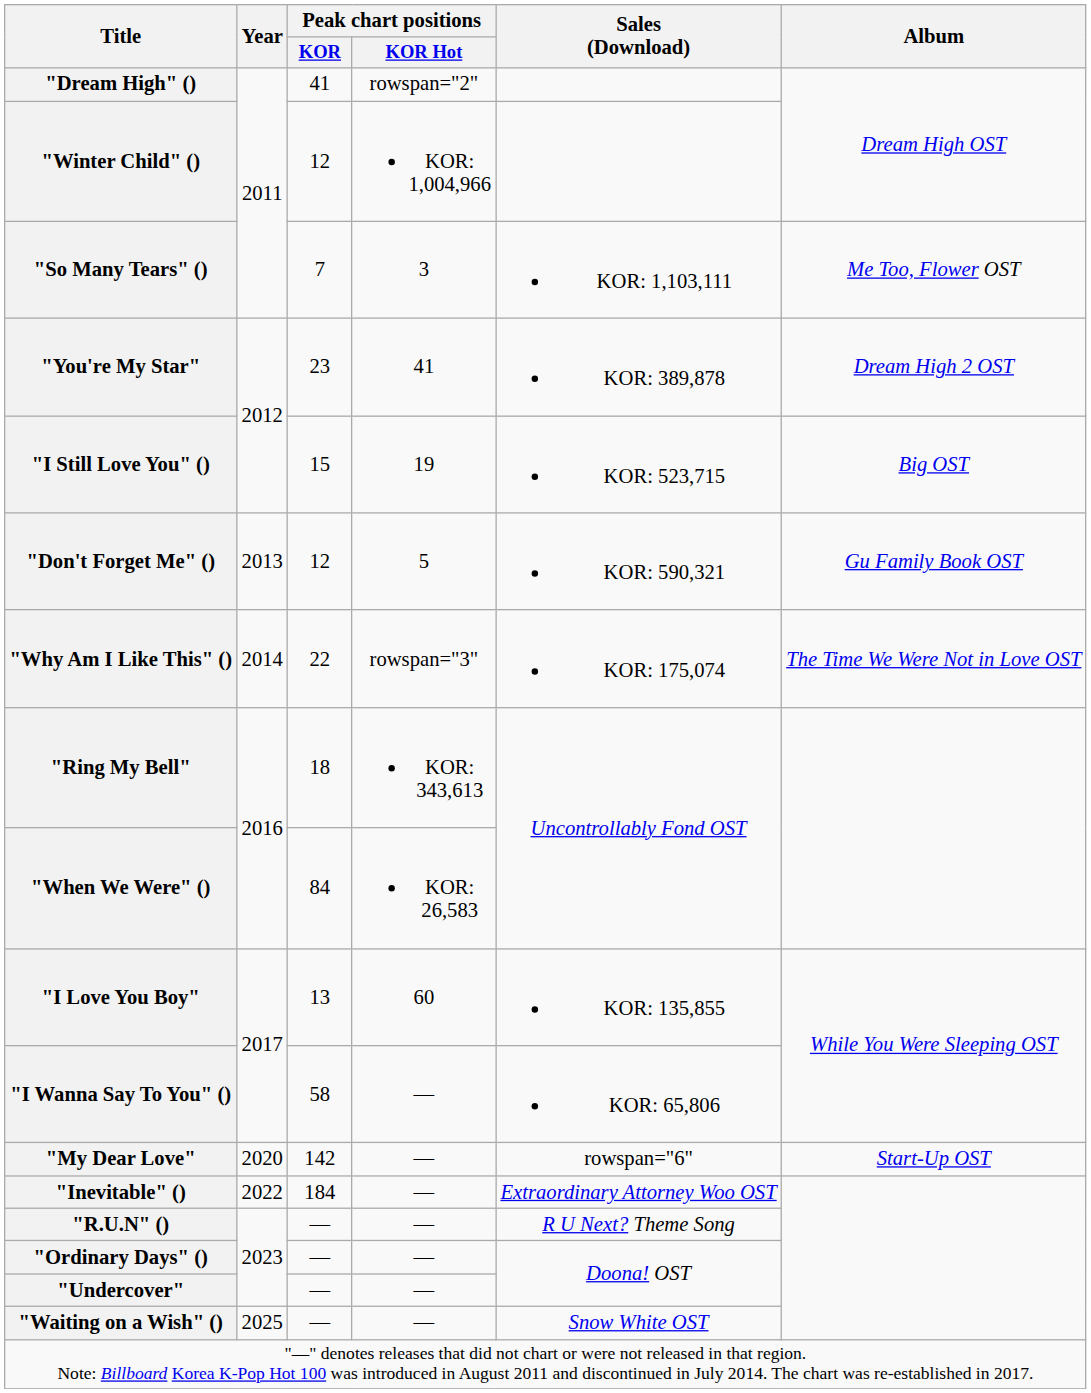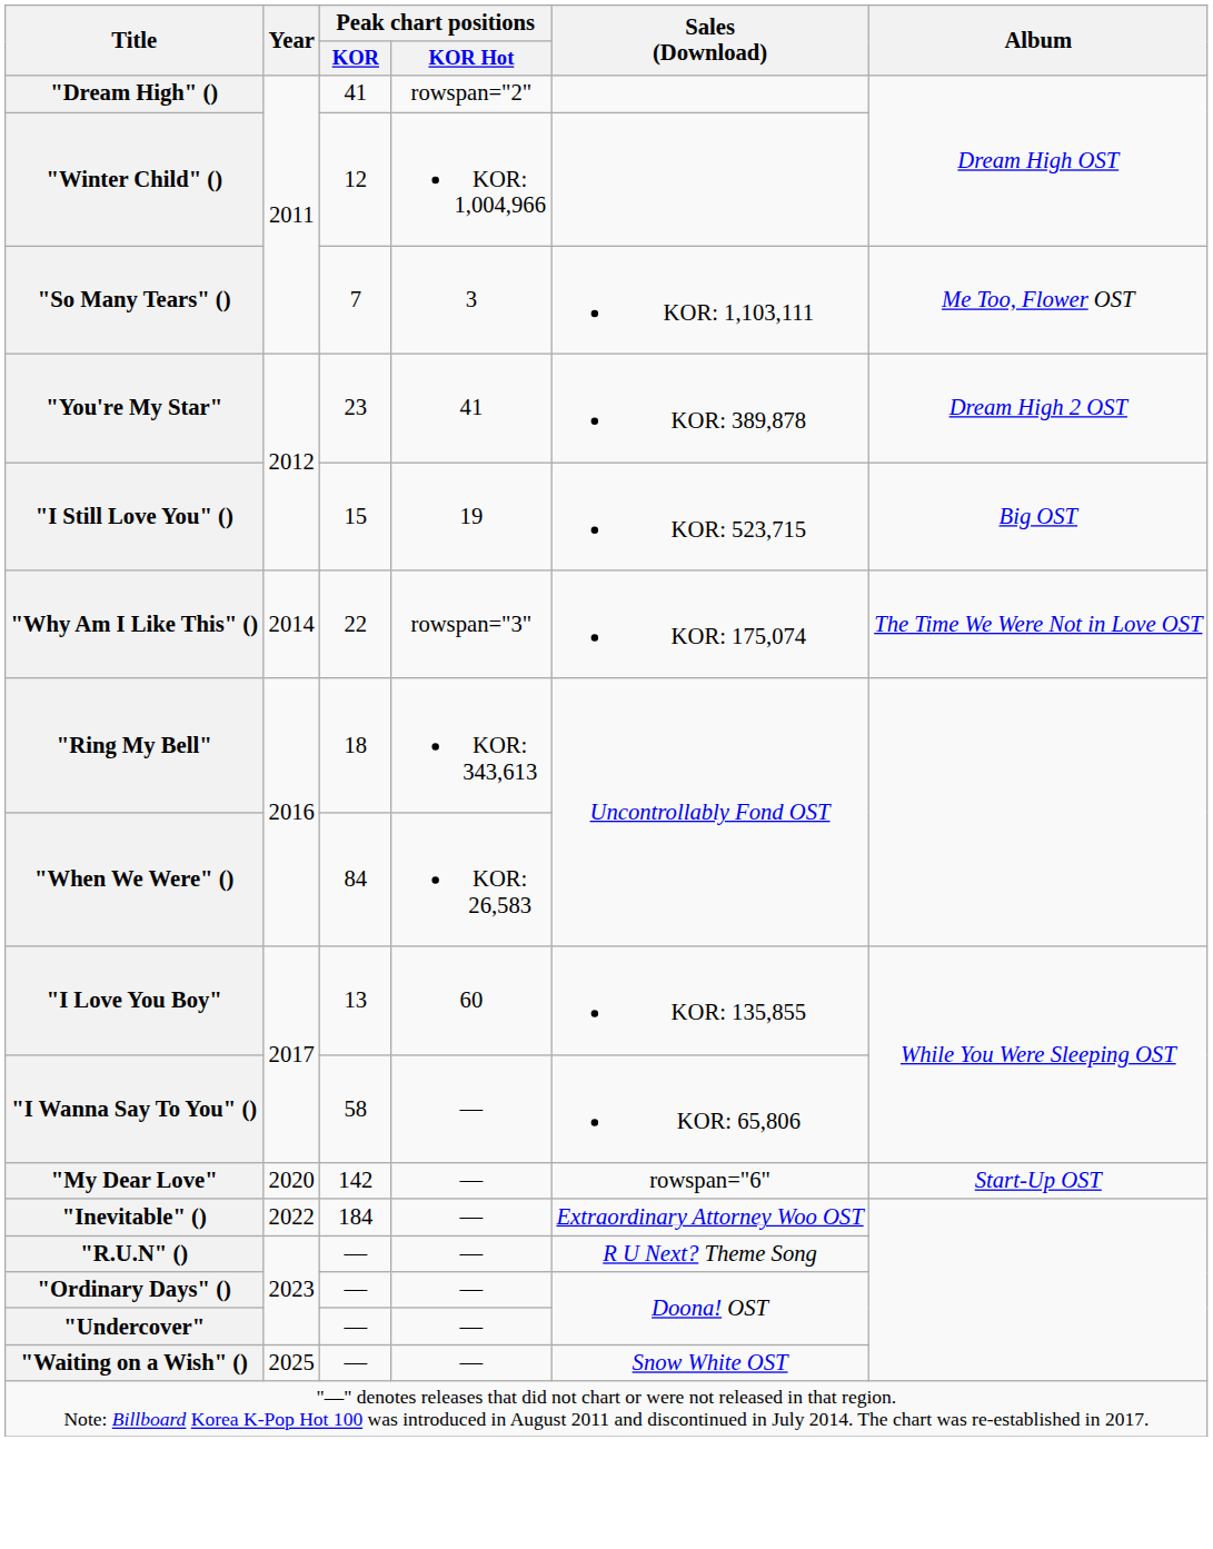 <table class="wikitable plainrowheaders" style="text-align:center;">
 <tr>
 <th scope="col" rowspan="2">Title</th>
 <th scope="col" rowspan="2">Year</th>
 <th scope="col" colspan="2">Peak chart positions</th>
 <th scope="col" rowspan="2">Sales<br>(Download)</th>
 <th scope="col" rowspan="2">Album</th>
 </tr>
 <tr>
 <th scope="col" style="width:3em;font-size:90%;"><a href='#'>KOR</a><br></th>
 <th scope="col" style="width:3em;font-size:90%;"><a href='#'>KOR Hot</a><br></th>
 </tr>
 <tr>
 <th scope="row">"Dream High" ()<br></th>
 <td rowspan="3">2011</td>
 <td>41</td>
 <td>rowspan="2" </td>
 <td></td>
 <td rowspan="2"><em><a href='#'>Dream High OST</a></em></td>
 </tr>
 <tr>
 <th scope="row">"Winter Child" ()</th>
 <td>12</td>
 <td><br><ul><li>KOR: 1,004,966</li></ul></td>
 </tr>
 <tr>
 <th scope="row">"So Many Tears" ()</th>
 <td>7</td>
 <td>3</td>
 <td><br><ul><li>KOR: 1,103,111</li></ul></td>
 <td><em><a href='#'>Me Too, Flower</a> OST</em></td>
 </tr>
 <tr>
 <th scope="row">"You're My Star"</th>
 <td rowspan="2">2012</td>
 <td>23</td>
 <td>41</td>
 <td><br><ul><li>KOR: 389,878</li></ul></td>
 <td><em><a href='#'>Dream High 2 OST</a></em></td>
 </tr>
 <tr>
 <th scope="row">"I Still Love You" ()</th>
 <td>15</td>
 <td>19</td>
 <td><br><ul><li>KOR: 523,715</li></ul></td>
 <td><em><a href='#'>Big OST</a></em></td>
-</tr>
-<tr>
-<th scope="row">"Don't Forget Me" ()</th>
-<td>2013</td>
-<td>12</td>
-<td>5</td>
-<td><br><ul><li>KOR: 590,321</li></ul></td>
-<td><em><a href='#'>Gu Family Book OST</a></em></td>
 </tr>
 <tr>
 <th scope="row">"Why Am I Like This" ()</th>
 <td>2014</td>
 <td>22</td>
 <td>rowspan="3" </td>
 <td><br><ul><li>KOR: 175,074</li></ul></td>
 <td><em><a href='#'>The Time We Were Not in Love OST</a></em></td>
 </tr>
 <tr>
 <th scope="row">"Ring My Bell"</th>
 <td rowspan="2">2016</td>
 <td>18</td>
 <td><br><ul><li>KOR: 343,613</li></ul></td>
 <td rowspan="2"><em><a href='#'>Uncontrollably Fond OST</a></em></td>
 </tr>
 <tr>
 <th scope="row">"When We Were" ()</th>
 <td>84</td>
 <td><br><ul><li>KOR: 26,583</li></ul></td>
 </tr>
 <tr>
 <th scope="row">"I Love You Boy"</th>
 <td rowspan="2">2017</td>
 <td>13</td>
 <td>60</td>
 <td><br><ul><li>KOR: 135,855</li></ul></td>
 <td rowspan="2"><em><a href='#'>While You Were Sleeping OST</a></em></td>
 </tr>
 <tr>
 <th scope="row">"I Wanna Say To You" ()</th>
 <td>58</td>
 <td>—</td>
 <td><br><ul><li>KOR: 65,806</li></ul></td>
 </tr>
 <tr>
 <th scope="row">"My Dear Love"</th>
 <td>2020</td>
 <td>142</td>
 <td>—</td>
 <td>rowspan="6" </td>
 <td><em><a href='#'>Start-Up OST</a></em></td>
 </tr>
 <tr>
 <th scope="row">"Inevitable" ()</th>
 <td>2022</td>
 <td>184</td>
 <td>—</td>
 <td><em><a href='#'>Extraordinary Attorney Woo OST</a></em></td>
 </tr>
 <tr>
 <th scope="row">"R.U.N" ()</th>
 <td rowspan="3">2023</td>
 <td>—</td>
 <td>—</td>
 <td><em><a href='#'>R U Next?</a> Theme Song</em></td>
 </tr>
 <tr>
 <th scope="row">"Ordinary Days" ()</th>
 <td>—</td>
 <td>—</td>
 <td rowspan="2"><em><a href='#'>Doona!</a> OST</em></td>
 </tr>
 <tr>
 <th scope="row">"Undercover"</th>
 <td>—</td>
 <td>—</td>
 </tr>
 <tr>
 <th scope="row">"Waiting on a Wish" ()</th>
 <td>2025</td>
 <td>—</td>
 <td>—</td>
 <td><em><a href='#'>Snow White OST</a></em></td>
 </tr>
 <tr>
 <td colspan="6" style="font-size:85%">"—" denotes releases that did not chart or were not released in that region.<br>Note: <em><a href='#'>Billboard</a></em> <a href='#'>Korea K-Pop Hot 100</a> was introduced in August 2011 and discontinued in July 2014. The chart was re-established in 2017.</td>
 </tr>
 </table>
